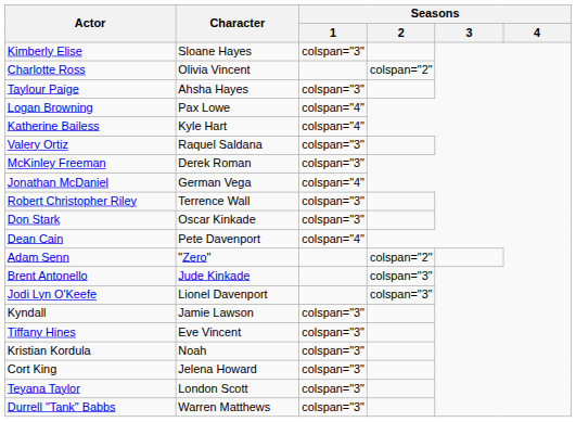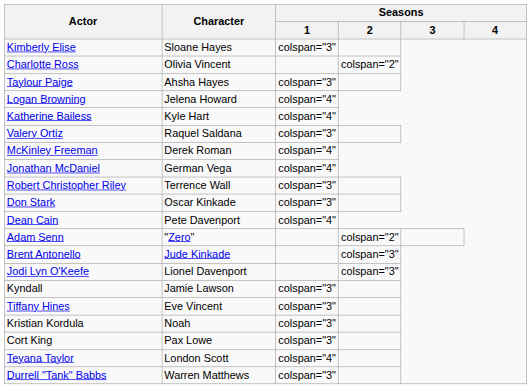 <table class="wikitable">
 <tr>
 <th rowspan="2">Actor</th>
 <th rowspan="2">Character</th>
 <th colspan="4">Seasons</th>
 </tr>
 <tr>
 <th style="width:12%;">1</th>
 <th style="width:12%;">2</th>
 <th style="width:12%;">3</th>
 <th style="width:12%;">4</th>
 </tr>
 <tr>
 <td><a href='#'>Kimberly Elise</a></td>
 <td>Sloane Hayes</td>
 <td>colspan="3" </td>
 <td></td>
 </tr>
 <tr>
 <td><a href='#'>Charlotte Ross</a></td>
 <td>Olivia Vincent</td>
 <td></td>
 <td>colspan="2" </td>
 </tr>
 <tr>
 <td><a href='#'>Taylour Paige</a></td>
 <td>Ahsha Hayes</td>
 <td>colspan="3" </td>
 <td></td>
 </tr>
 <tr>
 <td><a href='#'>Logan Browning</a></td>
-<td>Pax Lowe</td>
+<td>Jelena Howard</td>
 <td>colspan="4" </td>
 </tr>
 <tr>
 <td><a href='#'>Katherine Bailess</a></td>
 <td>Kyle Hart</td>
 <td>colspan="4" </td>
 </tr>
 <tr>
 <td><a href='#'>Valery Ortiz</a></td>
 <td>Raquel Saldana</td>
 <td>colspan="3" </td>
 <td></td>
 </tr>
 <tr>
 <td><a href='#'>McKinley Freeman</a></td>
 <td>Derek Roman</td>
-<td>colspan="3" </td>
+<td>colspan="4" </td>
 </tr>
 <tr>
 <td><a href='#'>Jonathan McDaniel</a></td>
 <td>German Vega</td>
 <td>colspan="4" </td>
 </tr>
 <tr>
 <td><a href='#'>Robert Christopher Riley</a></td>
 <td>Terrence Wall</td>
 <td>colspan="3" </td>
 <td></td>
 </tr>
 <tr>
 <td><a href='#'>Don Stark</a></td>
 <td>Oscar Kinkade</td>
 <td>colspan="3" </td>
 <td></td>
 </tr>
 <tr>
 <td><a href='#'>Dean Cain</a></td>
 <td>Pete Davenport</td>
 <td>colspan="4" </td>
 </tr>
 <tr>
 <td><a href='#'>Adam Senn</a></td>
 <td>"<a href='#'>Zero</a>"</td>
 <td></td>
 <td>colspan="2" </td>
 <td></td>
 </tr>
 <tr>
 <td><a href='#'>Brent Antonello</a></td>
 <td><a href='#'>Jude Kinkade</a></td>
 <td></td>
 <td>colspan="3" </td>
 </tr>
 <tr>
 <td><a href='#'>Jodi Lyn O'Keefe</a></td>
 <td>Lionel Davenport</td>
 <td></td>
 <td>colspan="3" </td>
 </tr>
 <tr>
 <td>Kyndall</td>
 <td>Jamie Lawson</td>
 <td>colspan="3" </td>
 <td></td>
 </tr>
 <tr>
 <td><a href='#'>Tiffany Hines</a></td>
 <td>Eve Vincent</td>
 <td>colspan="3" </td>
 <td></td>
 </tr>
 <tr>
 <td>Kristian Kordula</td>
 <td>Noah</td>
 <td>colspan="3" </td>
 <td></td>
 </tr>
 <tr>
 <td>Cort King</td>
-<td>Jelena Howard</td>
+<td>Pax Lowe</td>
 <td>colspan="3" </td>
 <td></td>
 </tr>
 <tr>
 <td><a href='#'>Teyana Taylor</a></td>
 <td>London Scott</td>
-<td>colspan="3" </td>
+<td>colspan="4" </td>
 <td></td>
 </tr>
 <tr>
 <td><a href='#'>Durrell "Tank" Babbs</a></td>
 <td>Warren Matthews</td>
 <td>colspan="3" </td>
 <td></td>
 </tr>
 </table>
